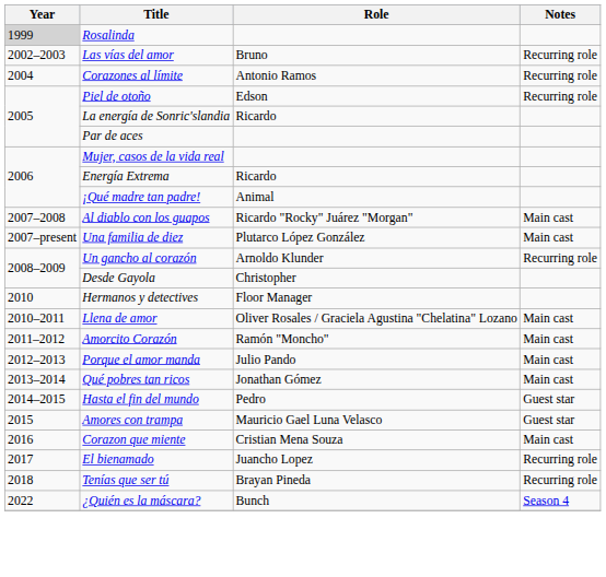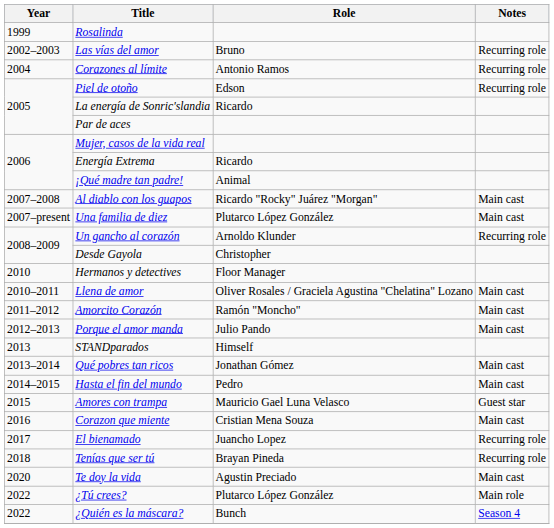 <table class="wikitable">
 <tr style="background:#b0c4de;">
 <th>Year</th>
 <th>Title</th>
 <th>Role</th>
 <th>Notes</th>
 </tr>
 <tr>
-<td style="background: lightgrey;">1999</td>
+<td>1999</td>
 <td><em><a href='#'>Rosalinda</a></em></td>
 <td></td>
 <td></td>
 </tr>
 <tr>
 <td>2002–2003</td>
 <td><em><a href='#'>Las vías del amor</a></em></td>
 <td>Bruno</td>
 <td>Recurring role</td>
 </tr>
 <tr>
 <td>2004</td>
 <td><em><a href='#'>Corazones al límite</a></em></td>
 <td>Antonio Ramos</td>
 <td>Recurring role</td>
 </tr>
 <tr>
 <td rowspan="3">2005</td>
 <td><em><a href='#'>Piel de otoño</a></em></td>
 <td>Edson</td>
 <td>Recurring role</td>
 </tr>
 <tr>
 <td><em>La energía de Sonric'slandia</em></td>
 <td>Ricardo</td>
 <td></td>
 </tr>
 <tr>
 <td><em>Par de aces</em></td>
 <td></td>
 <td></td>
 </tr>
 <tr>
 <td rowspan=3>2006</td>
 <td><em><a href='#'>Mujer, casos de la vida real</a></em></td>
 <td></td>
 <td></td>
 </tr>
 <tr>
 <td><em>Energía Extrema</em></td>
 <td>Ricardo</td>
 <td></td>
 </tr>
 <tr>
 <td><em><a href='#'>¡Qué madre tan padre!</a></em></td>
 <td>Animal</td>
 <td></td>
 </tr>
 <tr>
 <td>2007–2008</td>
 <td><em><a href='#'>Al diablo con los guapos</a></em></td>
 <td>Ricardo "Rocky" Juárez "Morgan"</td>
 <td>Main cast</td>
 </tr>
 <tr>
 <td>2007–present</td>
 <td><em><a href='#'>Una familia de diez</a></em></td>
 <td>Plutarco López González</td>
 <td>Main cast</td>
 </tr>
 <tr>
 <td rowspan="2">2008–2009</td>
 <td><em><a href='#'>Un gancho al corazón</a></em></td>
 <td>Arnoldo Klunder</td>
 <td>Recurring role</td>
 </tr>
 <tr>
 <td><em>Desde Gayola</em></td>
 <td>Christopher</td>
 <td></td>
 </tr>
 <tr>
 <td>2010</td>
 <td><em>Hermanos y detectives</em></td>
 <td>Floor Manager</td>
 <td></td>
 </tr>
 <tr>
 <td>2010–2011</td>
 <td><em><a href='#'>Llena de amor</a></em></td>
 <td>Oliver Rosales / Graciela Agustina "Chelatina" Lozano</td>
 <td>Main cast</td>
 </tr>
 <tr>
 <td>2011–2012</td>
 <td><em><a href='#'>Amorcito Corazón</a></em></td>
 <td>Ramón "Moncho"</td>
 <td>Main cast</td>
 </tr>
 <tr>
 <td>2012–2013</td>
 <td><em><a href='#'>Porque el amor manda</a></em></td>
 <td>Julio Pando</td>
 <td>Main cast</td>
 </tr>
 <tr>
+<td>2013</td>
+<td><em>STANDparados</em></td>
+<td>Himself</td>
+<td></td>
+</tr>
+<tr>
 <td>2013–2014</td>
 <td><em><a href='#'>Qué pobres tan ricos</a></em></td>
 <td>Jonathan Gómez</td>
 <td>Main cast</td>
 </tr>
 <tr>
 <td>2014–2015</td>
 <td><em><a href='#'>Hasta el fin del mundo</a></em></td>
 <td>Pedro</td>
-<td>Guest star</td>
+<td>Main cast</td>
 </tr>
 <tr>
 <td>2015</td>
 <td><em><a href='#'>Amores con trampa</a></em></td>
 <td>Mauricio Gael Luna Velasco</td>
 <td>Guest star</td>
 </tr>
 <tr>
 <td>2016</td>
 <td><em><a href='#'>Corazon que miente</a></em></td>
 <td>Cristian Mena Souza</td>
 <td>Main cast</td>
 </tr>
 <tr>
 <td>2017</td>
 <td><em><a href='#'>El bienamado</a></em></td>
 <td>Juancho Lopez</td>
 <td>Recurring role</td>
 </tr>
 <tr>
 <td>2018</td>
 <td><em><a href='#'>Tenías que ser tú</a></em></td>
 <td>Brayan Pineda</td>
 <td>Recurring role</td>
 </tr>
 <tr>
+<td>2020</td>
+<td><em><a href='#'>Te doy la vida</a></em></td>
+<td>Agustin Preciado</td>
+<td>Main cast</td>
+</tr>
+<tr>
+<td>2022</td>
+<td><em><a href='#'>¿Tú crees?</a></em></td>
+<td>Plutarco López González</td>
+<td>Main role</td>
+</tr>
+<tr>
 <td>2022</td>
 <td><em><a href='#'>¿Quién es la máscara?</a></em></td>
 <td>Bunch</td>
 <td><a href='#'>Season 4</a></td>
 </tr>
 <tr>
 </tr>
 </table>
